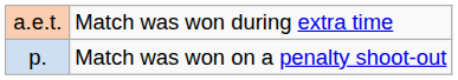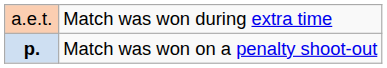 <table class="wikitable">
 <tr>
 <td width="40px" bgcolor="#FBCEB1" align="center">a.e.t.</td>
 <td>Match was won during <a href='#'>extra time</a></td>
 </tr>
 <tr>
-<td width="40px" bgcolor="#cedff2" align="center">p.</td>
+<td width="40px" bgcolor="#cedff2" align="center"><strong>p.</strong></td>
 <td>Match was won on a <a href='#'>penalty shoot-out</a></td>
 </tr>
 </table>
